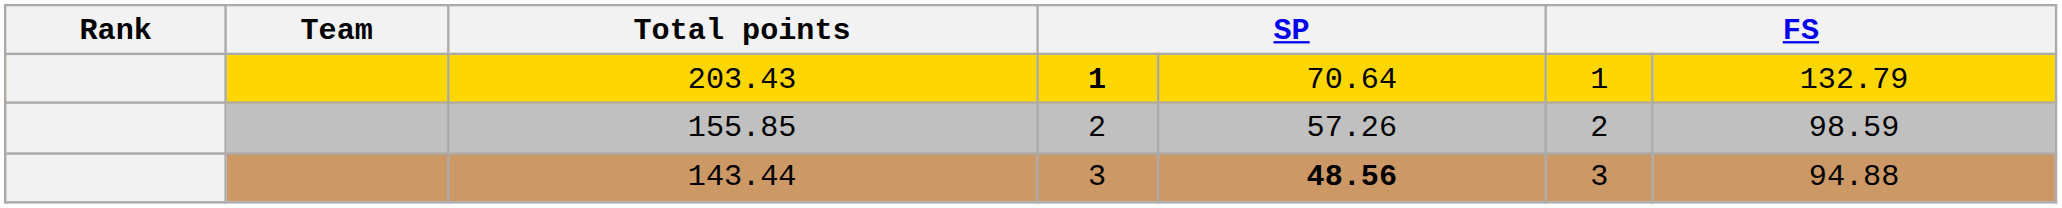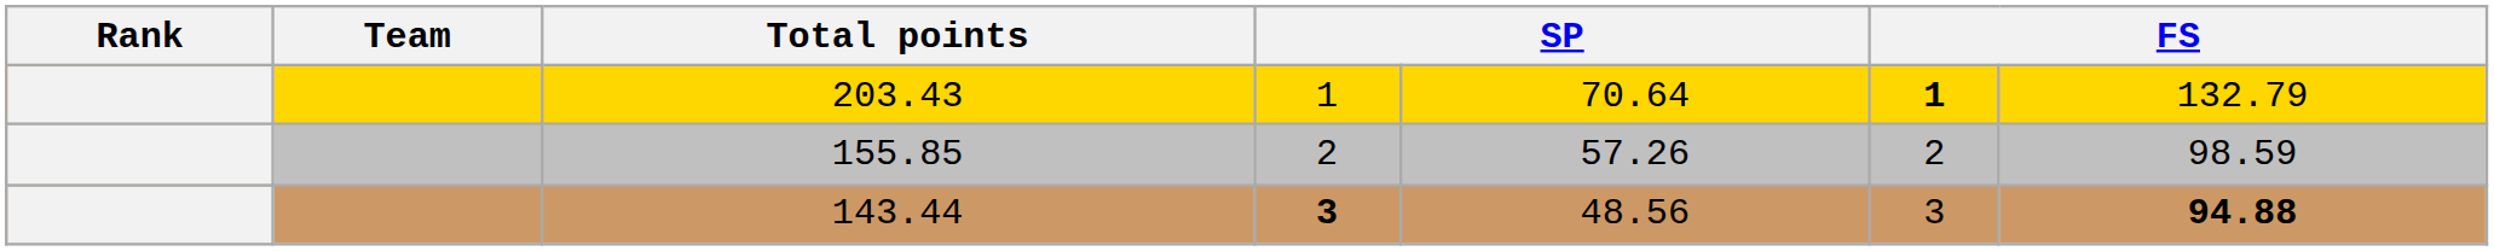 <table class="wikitable sortable" style="text-align:left;" width="70%">
 <tr>
 <th scope="col">Rank</th>
 <th scope="col">Team</th>
 <th scope="col">Total points</th>
 <th scope="col" colspan="2" width="80px"><a href='#'>SP</a></th>
 <th scope="col" colspan="2" width="80px"><a href='#'>FS</a></th>
 </tr>
 <tr bgcolor="gold">
 <th scope="row"></th>
 <td></td>
 <td style="text-align: center;">203.43</td>
+<td style="text-align: center;">1</td>
+<td style="text-align: center;">70.64</td>
 <td style="text-align: center;"><strong>1</strong></td>
-<td style="text-align: center;">70.64</td>
-<td style="text-align: center;">1</td>
 <td style="text-align: center;">132.79</td>
 </tr>
 <tr bgcolor="silver">
 <th scope="row"></th>
 <td></td>
 <td style="text-align: center;">155.85</td>
 <td style="text-align: center;">2</td>
 <td style="text-align: center;">57.26</td>
 <td style="text-align: center;">2</td>
 <td style="text-align: center;">98.59</td>
 </tr>
 <tr bgcolor="cc9966">
 <th scope="row"></th>
 <td></td>
 <td style="text-align: center;">143.44</td>
+<td style="text-align: center;"><strong>3</strong></td>
+<td style="text-align: center;">48.56</td>
 <td style="text-align: center;">3</td>
-<td style="text-align: center;"><strong>48.56</strong></td>
-<td style="text-align: center;">3</td>
-<td style="text-align: center;">94.88</td>
+<td style="text-align: center;"><strong>94.88</strong></td>
 </tr>
 </table>
